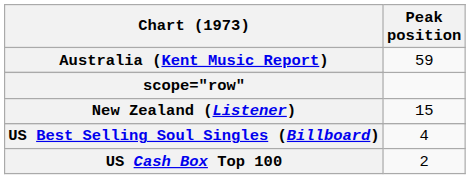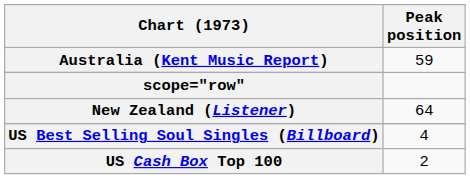 <table class="wikitable sortable plainrowheaders" style="text-align:center">
 <tr>
 <th scope="col">Chart (1973)</th>
 <th scope="col">Peak<br>position</th>
 </tr>
 <tr>
 <th scope="row">Australia (<a href='#'>Kent Music Report</a>)</th>
 <td style="text-align:center;">59</td>
 </tr>
 <tr>
 </tr>
 <tr>
 <th>scope="row"</th>
 </tr>
 <tr>
 <th scope="row">New Zealand (<em><a href='#'>Listener</a></em>)</th>
-<td style="text-align:center;">15</td>
+<td style="text-align:center;">64</td>
 </tr>
 <tr>
 </tr>
 <tr>
 </tr>
 <tr>
 <th scope="row">US <a href='#'>Best Selling Soul Singles</a> (<em><a href='#'>Billboard</a></em>)</th>
 <td>4</td>
 </tr>
 <tr>
 <th scope="row">US <em><a href='#'>Cash Box</a></em> Top 100</th>
 <td>2</td>
 </tr>
 </table>
